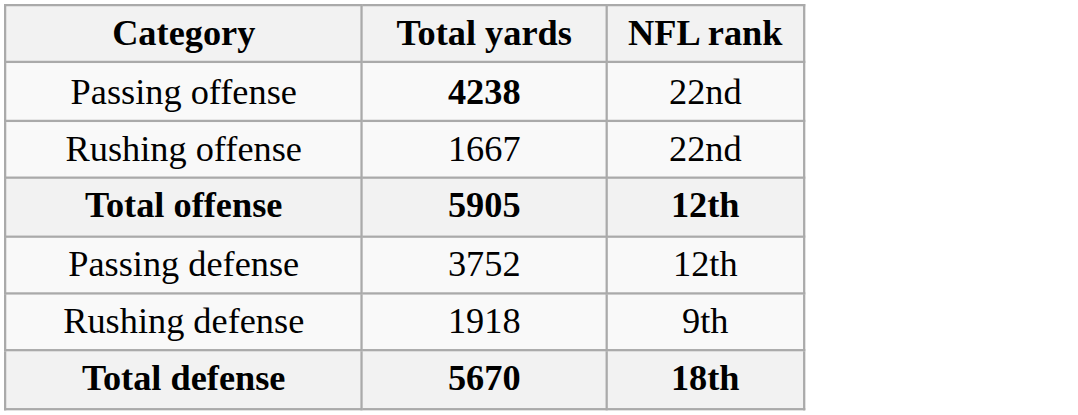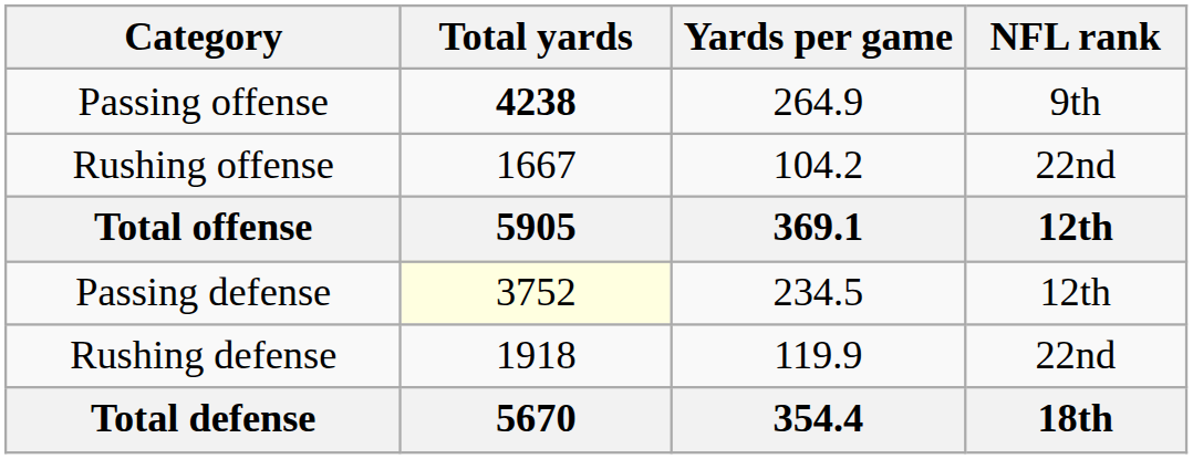 <table class="wikitable" style="text-align:center">
 <tr>
 <th column width=150px>Category</th>
 <th column width=100px>Total yards</th>
+<th column width=110px>Yards per game</th>
 <th column width=80px>NFL rank<br></th>
 </tr>
 <tr>
 <td>Passing offense</td>
 <td><strong>4238</strong></td>
-<td>22nd</td>
+<td>264.9</td>
+<td>9th</td>
 </tr>
 <tr>
 <td>Rushing offense</td>
 <td>1667</td>
+<td>104.2</td>
 <td>22nd</td>
 </tr>
 <tr>
 <th>Total offense</th>
 <th>5905</th>
+<th>369.1</th>
 <th>12th</th>
 </tr>
 <tr>
 <td>Passing defense</td>
-<td>3752</td>
+<td style="background: lightyellow;">3752</td>
+<td>234.5</td>
 <td>12th</td>
 </tr>
 <tr>
 <td>Rushing defense</td>
 <td>1918</td>
-<td>9th</td>
+<td>119.9</td>
+<td>22nd</td>
 </tr>
 <tr>
 <th>Total defense</th>
 <th>5670</th>
+<th>354.4</th>
 <th>18th</th>
 </tr>
 </table>
